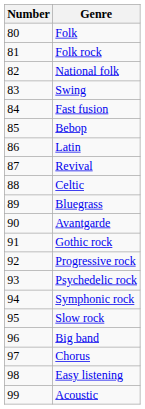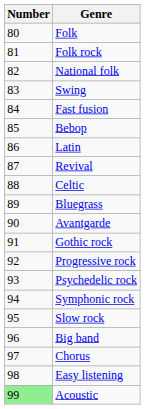 <table class="wikitable">
 <tr>
 <th>Number</th>
 <th>Genre</th>
 </tr>
 <tr>
 <td>80</td>
 <td><a href='#'>Folk</a></td>
 </tr>
 <tr>
 <td>81</td>
 <td><a href='#'>Folk rock</a></td>
 </tr>
 <tr>
 <td>82</td>
 <td><a href='#'>National folk</a></td>
 </tr>
 <tr>
 <td>83</td>
 <td><a href='#'>Swing</a></td>
 </tr>
 <tr>
 <td>84</td>
 <td><a href='#'>Fast fusion</a></td>
 </tr>
 <tr>
 <td>85</td>
 <td><a href='#'>Bebop</a></td>
 </tr>
 <tr>
 <td>86</td>
 <td><a href='#'>Latin</a></td>
 </tr>
 <tr>
 <td>87</td>
 <td><a href='#'>Revival</a></td>
 </tr>
 <tr>
 <td>88</td>
 <td><a href='#'>Celtic</a></td>
 </tr>
 <tr>
 <td>89</td>
 <td><a href='#'>Bluegrass</a></td>
 </tr>
 <tr>
 <td>90</td>
 <td><a href='#'>Avantgarde</a></td>
 </tr>
 <tr>
 <td>91</td>
 <td><a href='#'>Gothic rock</a></td>
 </tr>
 <tr>
 <td>92</td>
 <td><a href='#'>Progressive rock</a></td>
 </tr>
 <tr>
 <td>93</td>
 <td><a href='#'>Psychedelic rock</a></td>
 </tr>
 <tr>
 <td>94</td>
 <td><a href='#'>Symphonic rock</a></td>
 </tr>
 <tr>
 <td>95</td>
 <td><a href='#'>Slow rock</a></td>
 </tr>
 <tr>
 <td>96</td>
 <td><a href='#'>Big band</a></td>
 </tr>
 <tr>
 <td>97</td>
 <td><a href='#'>Chorus</a></td>
 </tr>
 <tr>
 <td>98</td>
 <td><a href='#'>Easy listening</a></td>
 </tr>
 <tr>
-<td>99</td>
+<td style="background: lightgreen;">99</td>
 <td><a href='#'>Acoustic</a></td>
 </tr>
 </table>
